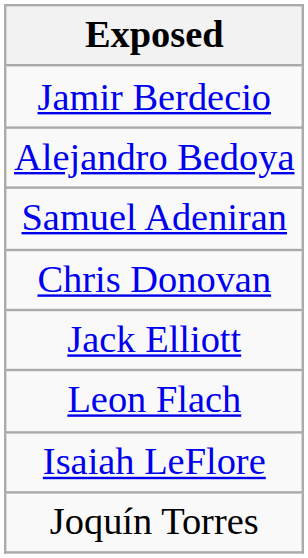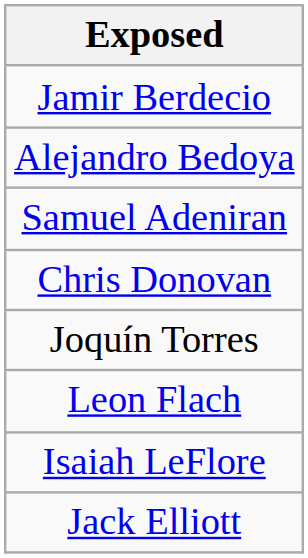 <table class="wikitable" style="text-align:center">
 <tr>
 <th>Exposed</th>
 </tr>
 <tr>
 <td><a href='#'>Jamir Berdecio</a></td>
 </tr>
 <tr>
 <td><a href='#'>Alejandro Bedoya</a></td>
 </tr>
 <tr>
 <td><a href='#'>Samuel Adeniran</a></td>
 </tr>
 <tr>
 <td><a href='#'>Chris Donovan</a></td>
 </tr>
 <tr>
-<td><a href='#'>Jack Elliott</a></td>
+<td>Joquín Torres</td>
 </tr>
 <tr>
 <td><a href='#'>Leon Flach</a></td>
 </tr>
 <tr>
 <td><a href='#'>Isaiah LeFlore</a></td>
 </tr>
 <tr>
-<td>Joquín Torres</td>
+<td><a href='#'>Jack Elliott</a></td>
 </tr>
 </table>
